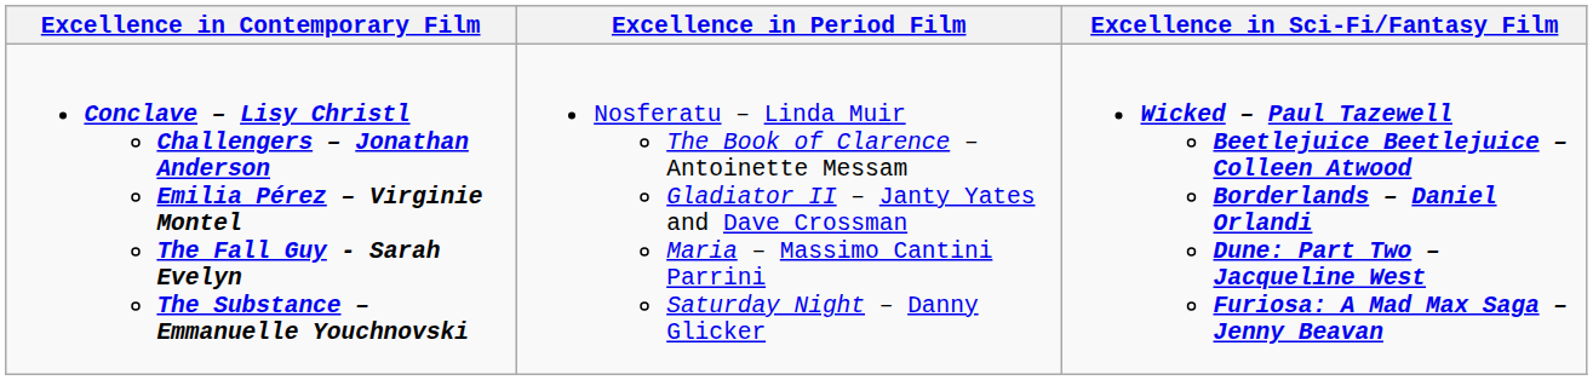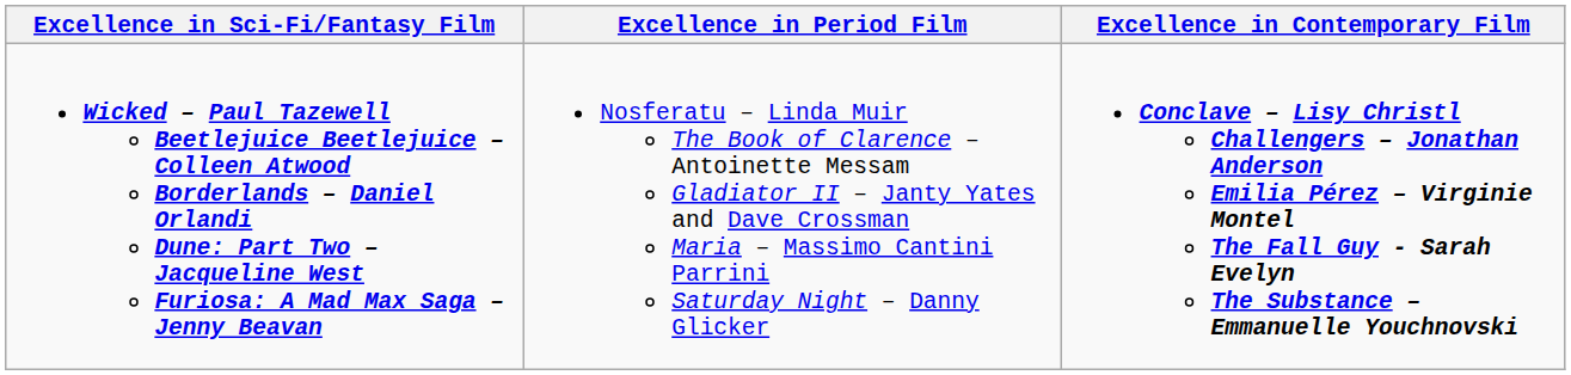 <table class="wikitable" style="width=100%">
 <tr>
+<th style="width=33%"><a href='#'>Excellence in Sci-Fi/Fantasy Film</a></th>
+<th style="width=33%"><a href='#'>Excellence in Period Film</a></th>
 <th style="width=33%"><a href='#'>Excellence in Contemporary Film</a></th>
-<th style="width=33%"><a href='#'>Excellence in Period Film</a></th>
-<th style="width=33%"><a href='#'>Excellence in Sci-Fi/Fantasy Film</a></th>
 </tr>
 <tr>
+<td valign="top"><br><ul><li><strong><em><a href='#'>Wicked</a><em> – <a href='#'>Paul Tazewell</a><strong><ul><li></em><a href='#'>Beetlejuice Beetlejuice</a><em> – <a href='#'>Colleen Atwood</a></li><li></em><a href='#'>Borderlands</a><em> – <a href='#'>Daniel Orlandi</a></li><li></em><a href='#'>Dune: Part Two</a><em> – <a href='#'>Jacqueline West</a></li><li></em><a href='#'>Furiosa: A Mad Max Saga</a><em> – <a href='#'>Jenny Beavan</a></li></ul></li></ul></td>
+<td valign="top"><br><ul><li></em></strong><a href='#'>Nosferatu</a></em> – <a href='#'>Linda Muir</a></strong><ul><li><em><a href='#'>The Book of Clarence</a></em> – Antoinette Messam</li><li><em><a href='#'>Gladiator II</a></em> – <a href='#'>Janty Yates</a> and <a href='#'>Dave Crossman</a></li><li><em><a href='#'>Maria</a></em> – <a href='#'>Massimo Cantini Parrini</a></li><li><em><a href='#'>Saturday Night</a></em> – <a href='#'>Danny Glicker</a></li></ul></li></ul></td>
 <td valign="top"><br><ul><li><strong><em><a href='#'>Conclave</a><em> – <a href='#'>Lisy Christl</a><strong><ul><li></em><a href='#'>Challengers</a><em> – <a href='#'>Jonathan Anderson</a></li><li></em><a href='#'>Emilia Pérez</a><em> – Virginie Montel</li><li></em><a href='#'>The Fall Guy</a><em> - Sarah Evelyn</li><li></em><a href='#'>The Substance</a><em> – Emmanuelle Youchnovski</li></ul></li></ul></td>
-<td valign="top"><br><ul><li></em></strong><a href='#'>Nosferatu</a></em> – <a href='#'>Linda Muir</a></strong><ul><li><em><a href='#'>The Book of Clarence</a></em> – Antoinette Messam</li><li><em><a href='#'>Gladiator II</a></em> – <a href='#'>Janty Yates</a> and <a href='#'>Dave Crossman</a></li><li><em><a href='#'>Maria</a></em> – <a href='#'>Massimo Cantini Parrini</a></li><li><em><a href='#'>Saturday Night</a></em> – <a href='#'>Danny Glicker</a></li></ul></li></ul></td>
-<td valign="top"><br><ul><li><strong><em><a href='#'>Wicked</a><em> – <a href='#'>Paul Tazewell</a><strong><ul><li></em><a href='#'>Beetlejuice Beetlejuice</a><em> – <a href='#'>Colleen Atwood</a></li><li></em><a href='#'>Borderlands</a><em> – <a href='#'>Daniel Orlandi</a></li><li></em><a href='#'>Dune: Part Two</a><em> – <a href='#'>Jacqueline West</a></li><li></em><a href='#'>Furiosa: A Mad Max Saga</a><em> – <a href='#'>Jenny Beavan</a></li></ul></li></ul></td>
 </tr>
 </table>
